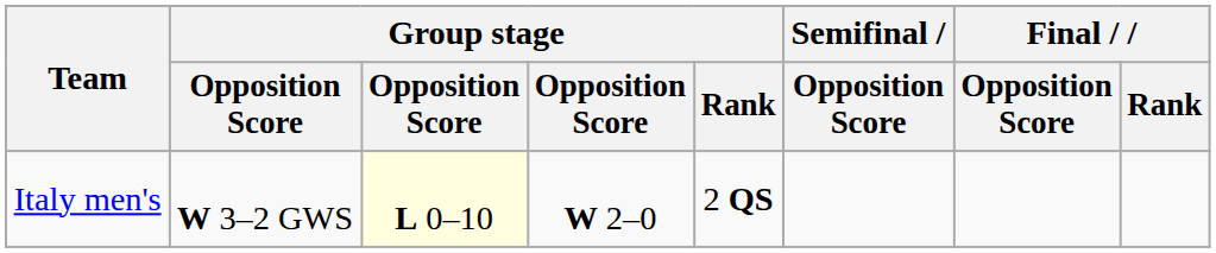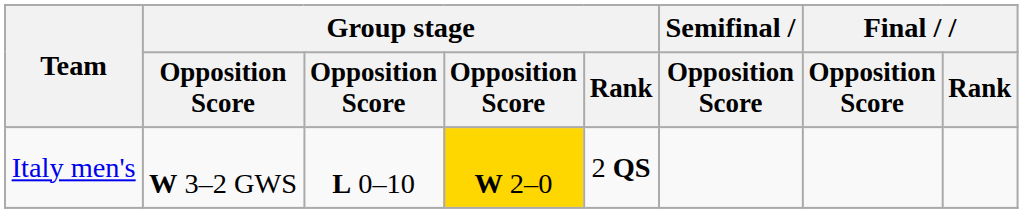 <table class="wikitable" style="font-size:90%">
 <tr>
 <th rowspan=2>Team</th>
 <th colspan=4>Group stage</th>
 <th>Semifinal / </th>
 <th colspan=2>Final /  / </th>
 </tr>
 <tr style="font-size:95%">
 <th>Opposition<br>Score</th>
 <th>Opposition<br>Score</th>
 <th>Opposition<br>Score</th>
 <th>Rank</th>
 <th>Opposition<br>Score</th>
 <th>Opposition<br>Score</th>
 <th>Rank</th>
 </tr>
 <tr align=center>
 <td align=left><a href='#'>Italy men's</a></td>
 <td><br> <strong>W</strong> 3–2 GWS</td>
-<td style="background: lightyellow;"><br> <strong>L</strong> 0–10</td>
-<td><br> <strong>W</strong> 2–0</td>
+<td><br> <strong>L</strong> 0–10</td>
+<td style="background: gold;"><br> <strong>W</strong> 2–0</td>
 <td>2 <strong>QS</strong></td>
 <td><br></td>
 <td></td>
 <td></td>
 </tr>
 </table>
